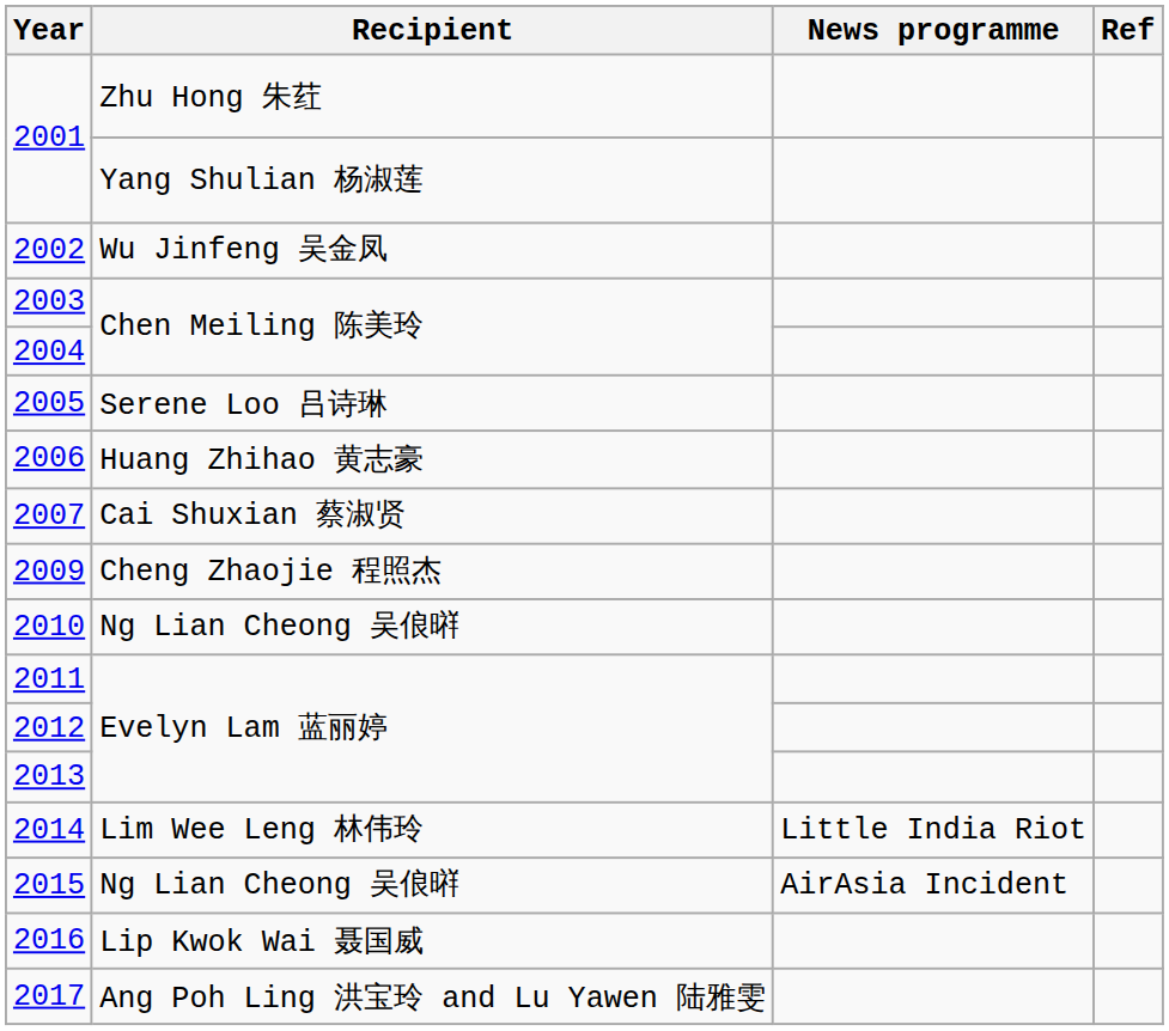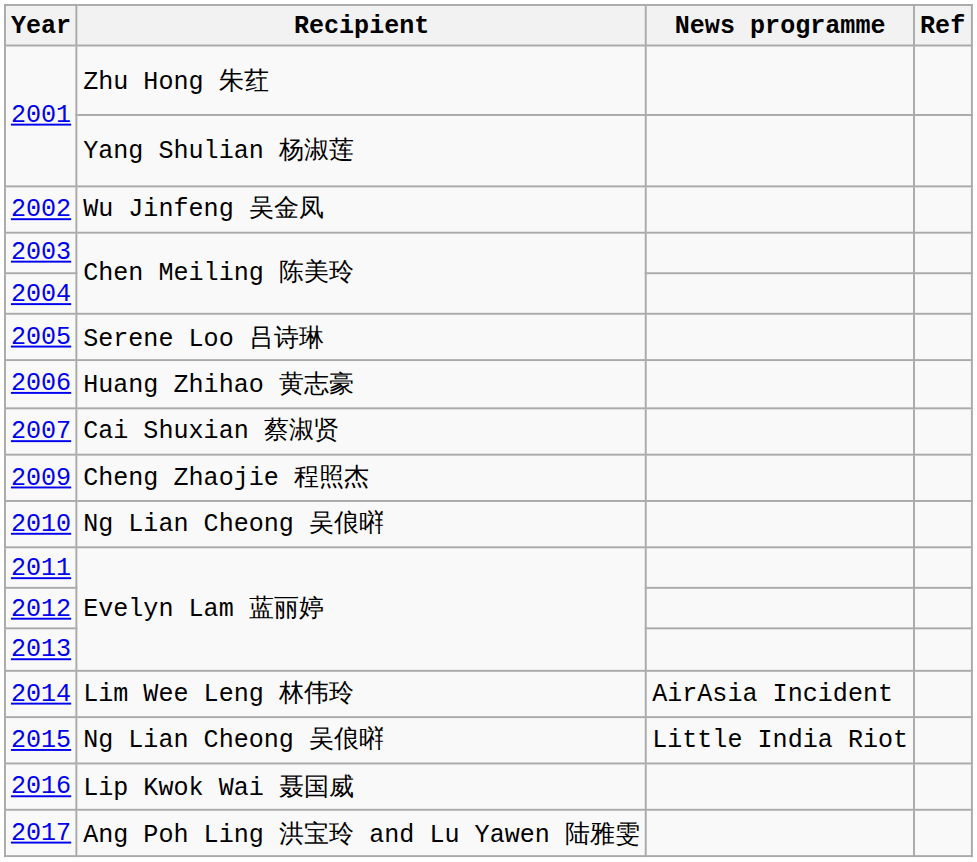 <table class="wikitable sortable">
 <tr>
 <th>Year</th>
 <th>Recipient</th>
 <th>News programme</th>
 <th>Ref</th>
 </tr>
 <tr>
 <td rowspan=2 style="text-align:center;"><a href='#'>2001</a></td>
 <td style="height: 30px;">Zhu Hong 朱荭</td>
 <td></td>
 <td></td>
 </tr>
 <tr>
 <td style="height: 30px;">Yang Shulian 杨淑莲</td>
 <td></td>
 <td></td>
 </tr>
 <tr>
 <td style="text-align:center;"><a href='#'>2002</a></td>
 <td>Wu Jinfeng 吴金凤</td>
 <td></td>
 <td></td>
 </tr>
 <tr>
 <td style="text-align:center;"><a href='#'>2003</a></td>
 <td rowspan='2'>Chen Meiling 陈美玲</td>
 <td></td>
 <td></td>
 </tr>
 <tr>
 <td style="text-align:center;"><a href='#'>2004</a></td>
 <td></td>
 <td></td>
 </tr>
 <tr>
 <td style="text-align:center;"><a href='#'>2005</a></td>
 <td>Serene Loo 吕诗琳</td>
 <td></td>
 <td></td>
 </tr>
 <tr>
 <td style="text-align:center;"><a href='#'>2006</a></td>
 <td>Huang Zhihao 黄志豪</td>
 <td></td>
 <td></td>
 </tr>
 <tr>
 <td style="text-align:center;"><a href='#'>2007</a></td>
 <td>Cai Shuxian 蔡淑贤</td>
 <td></td>
 <td></td>
 </tr>
 <tr>
 <td style="text-align:center;"><a href='#'>2009</a></td>
 <td>Cheng Zhaojie 程照杰</td>
 <td></td>
 <td></td>
 </tr>
 <tr>
 <td style="text-align:center;"><a href='#'>2010</a></td>
 <td>Ng Lian Cheong 吴俍㬕</td>
 <td></td>
 <td></td>
 </tr>
 <tr>
 <td style="text-align:center;"><a href='#'>2011</a></td>
 <td rowspan='3'>Evelyn Lam 蓝丽婷</td>
 <td></td>
 <td></td>
 </tr>
 <tr>
 <td style="text-align:center;"><a href='#'>2012</a></td>
 <td></td>
 <td></td>
 </tr>
 <tr>
 <td style="text-align:center;"><a href='#'>2013</a></td>
 <td></td>
 <td></td>
 </tr>
 <tr>
 <td style="text-align:center;"><a href='#'>2014</a></td>
 <td>Lim Wee Leng 林伟玲</td>
-<td>Little India Riot</td>
+<td>AirAsia Incident</td>
 <td></td>
 </tr>
 <tr>
 <td style="text-align:center;"><a href='#'>2015</a></td>
 <td>Ng Lian Cheong 吴俍㬕</td>
-<td>AirAsia Incident</td>
+<td>Little India Riot</td>
 <td></td>
 </tr>
 <tr>
 <td style="text-align:center;"><a href='#'>2016</a></td>
 <td>Lip Kwok Wai 聂国威</td>
 <td></td>
 <td></td>
 </tr>
 <tr>
 <td style="text-align:center;"><a href='#'>2017</a></td>
 <td>Ang Poh Ling 洪宝玲 and Lu Yawen 陆雅雯</td>
 <td></td>
 <td></td>
 </tr>
 </table>
